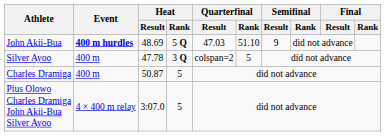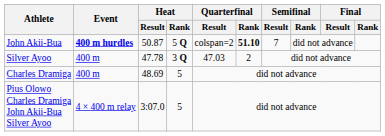 <table class="wikitable" style="font-size:90%">
 <tr>
 <th rowspan="2">Athlete</th>
 <th rowspan="2">Event</th>
 <th colspan="2">Heat</th>
 <th colspan="2">Quarterfinal</th>
 <th colspan="2">Semifinal</th>
 <th colspan="2">Final</th>
 </tr>
 <tr style="font-size:95%">
 <th>Result</th>
 <th>Rank</th>
 <th>Result</th>
 <th>Rank</th>
 <th>Result</th>
 <th>Rank</th>
 <th>Result</th>
 <th>Rank</th>
 </tr>
 <tr align=center>
 <td align=left><a href='#'>John Akii-Bua</a></td>
 <td align=left><strong><a href='#'>400 m hurdles</a></strong></td>
-<td>48.69</td>
+<td>50.87</td>
 <td>5 <strong>Q</strong></td>
-<td>47.03</td>
-<td>51.10</td>
-<td>9</td>
+<td>colspan=2 </td>
+<td><strong>51.10</strong></td>
+<td>7</td>
 <td colspan=2>did not advance</td>
 </tr>
 <tr align=center>
 <td align=left><a href='#'>Silver Ayoo</a></td>
 <td align=left><a href='#'>400 m</a></td>
 <td>47.78</td>
 <td>3 <strong>Q</strong></td>
-<td>colspan=2 </td>
-<td>5</td>
+<td>47.03</td>
+<td>2</td>
 <td colspan=6>did not advance</td>
 </tr>
 <tr align=center>
 <td align=left><a href='#'>Charles Dramiga</a></td>
 <td align=left><a href='#'>400 m</a></td>
-<td>50.87</td>
+<td>48.69</td>
 <td>5</td>
 <td colspan=6>did not advance</td>
 </tr>
 <tr align=center>
 <td align=left><a href='#'>Pius Olowo</a><br><a href='#'>Charles Dramiga</a><br><a href='#'>John Akii-Bua</a><br><a href='#'>Silver Ayoo</a></td>
 <td align=left><a href='#'>4 × 400 m relay</a></td>
 <td>3:07.0</td>
 <td>5</td>
 <td colspan=6>did not advance</td>
 </tr>
 </table>
